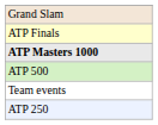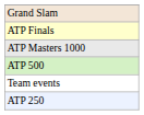 <table class="wikitable" style="font-size:85%; width:11%;">
 <tr>
 </tr>
 <tr style="background:#f3e6d7;">
 <td>Grand Slam</td>
 </tr>
 <tr style="background:#ffc;">
 <td>ATP Finals</td>
 </tr>
 <tr style="background:#e9e9e9;">
-<td><strong>ATP Masters 1000</strong></td>
+<td>ATP Masters 1000</td>
 </tr>
 <tr style="background:#d4f1c5;">
 <td>ATP 500</td>
 </tr>
 <tr style="background:#fff;">
 <td>Team events</td>
 </tr>
 <tr style="background:#ecf2ff;">
 <td>ATP 250</td>
 </tr>
 </table>
